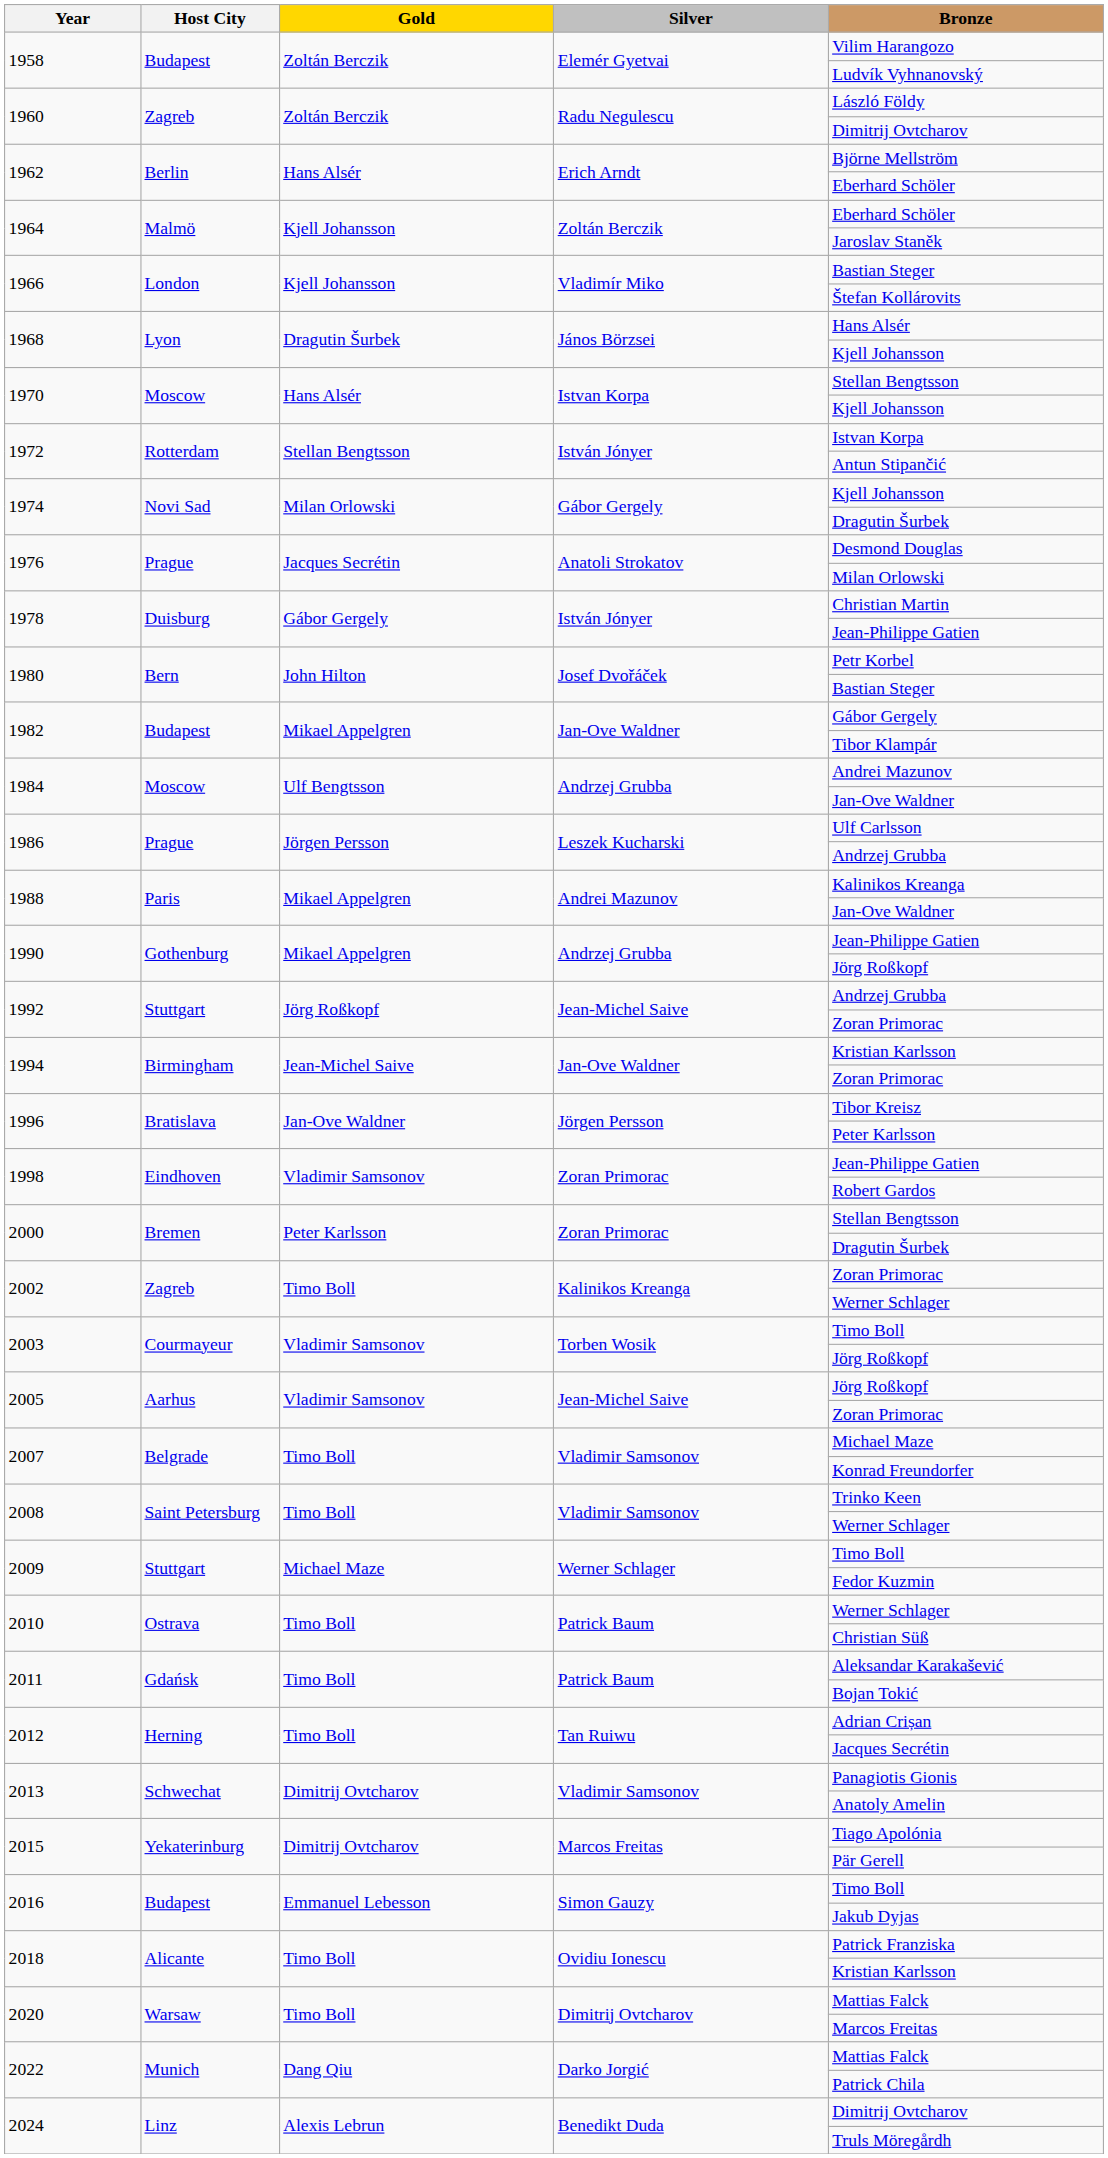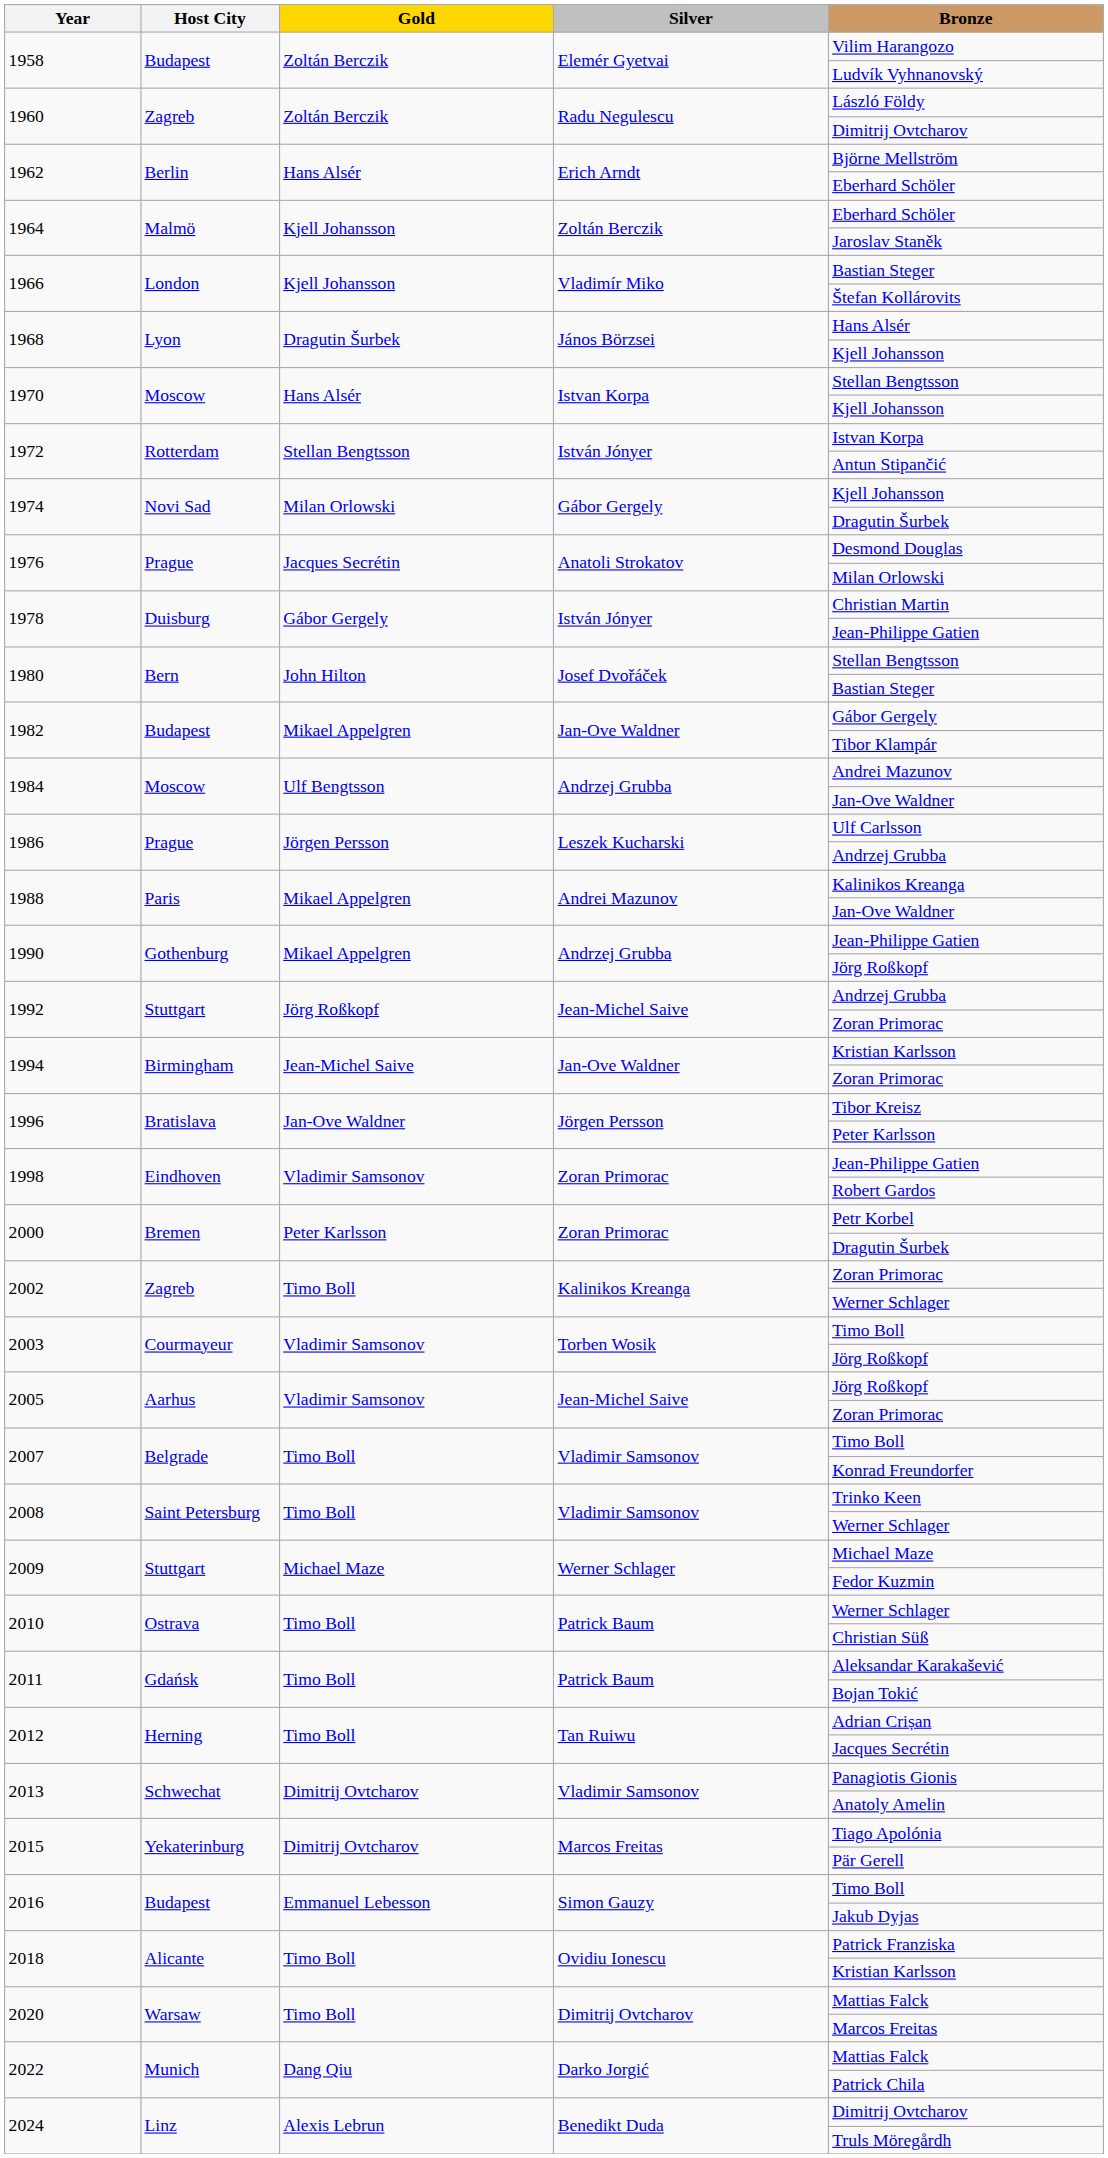 <table class="wikitable" style="text-align:left; width:1000px;">
 <tr>
 <th width="120">Year</th>
 <th width="120">Host City</th>
 <th width="250" style="background-color: gold">Gold</th>
 <th width="250" style="background-color: silver">Silver</th>
 <th width="250" style="background-color: #cc9966">Bronze</th>
 </tr>
 <tr>
 <td rowspan=2>1958</td>
 <td rowspan=2><a href='#'>Budapest</a></td>
 <td rowspan=2> <a href='#'>Zoltán Berczik</a></td>
 <td rowspan=2> <a href='#'>Elemér Gyetvai</a></td>
 <td> <a href='#'>Vilim Harangozo</a></td>
 </tr>
 <tr>
 <td> <a href='#'>Ludvík Vyhnanovský</a></td>
 </tr>
 <tr>
 <td rowspan=2>1960</td>
 <td rowspan=2><a href='#'>Zagreb</a></td>
 <td rowspan=2> <a href='#'>Zoltán Berczik</a></td>
 <td rowspan=2> <a href='#'>Radu Negulescu</a></td>
 <td> <a href='#'>László Földy</a></td>
 </tr>
 <tr>
 <td> <a href='#'>Dimitrij Ovtcharov</a></td>
 </tr>
 <tr>
 <td rowspan=2>1962</td>
 <td rowspan=2><a href='#'>Berlin</a></td>
 <td rowspan=2> <a href='#'>Hans Alsér</a></td>
 <td rowspan=2> <a href='#'>Erich Arndt</a></td>
 <td> <a href='#'>Björne Mellström</a></td>
 </tr>
 <tr>
 <td> <a href='#'>Eberhard Schöler</a></td>
 </tr>
 <tr>
 <td rowspan=2>1964</td>
 <td rowspan=2><a href='#'>Malmö</a></td>
 <td rowspan=2> <a href='#'>Kjell Johansson</a></td>
 <td rowspan=2> <a href='#'>Zoltán Berczik</a></td>
 <td> <a href='#'>Eberhard Schöler</a></td>
 </tr>
 <tr>
 <td> <a href='#'>Jaroslav Staněk</a></td>
 </tr>
 <tr>
 <td rowspan=2>1966</td>
 <td rowspan=2><a href='#'>London</a></td>
 <td rowspan=2> <a href='#'>Kjell Johansson</a></td>
 <td rowspan=2> <a href='#'>Vladimír Miko</a></td>
 <td> <a href='#'>Bastian Steger</a></td>
 </tr>
 <tr>
 <td> <a href='#'>Štefan Kollárovits</a></td>
 </tr>
 <tr>
 <td rowspan=2>1968</td>
 <td rowspan=2><a href='#'>Lyon</a></td>
 <td rowspan=2> <a href='#'>Dragutin Šurbek</a></td>
 <td rowspan=2> <a href='#'>János Börzsei</a></td>
 <td> <a href='#'>Hans Alsér</a></td>
 </tr>
 <tr>
 <td> <a href='#'>Kjell Johansson</a></td>
 </tr>
 <tr>
 <td rowspan=2>1970</td>
 <td rowspan=2><a href='#'>Moscow</a></td>
 <td rowspan=2> <a href='#'>Hans Alsér</a></td>
 <td rowspan=2> <a href='#'>Istvan Korpa</a></td>
 <td> <a href='#'>Stellan Bengtsson</a></td>
 </tr>
 <tr>
 <td> <a href='#'>Kjell Johansson</a></td>
 </tr>
 <tr>
 <td rowspan=2>1972</td>
 <td rowspan=2><a href='#'>Rotterdam</a></td>
 <td rowspan=2> <a href='#'>Stellan Bengtsson</a></td>
 <td rowspan=2> <a href='#'>István Jónyer</a></td>
 <td> <a href='#'>Istvan Korpa</a></td>
 </tr>
 <tr>
 <td> <a href='#'>Antun Stipančić</a></td>
 </tr>
 <tr>
 <td rowspan=2>1974</td>
 <td rowspan=2><a href='#'>Novi Sad</a></td>
 <td rowspan=2> <a href='#'>Milan Orlowski</a></td>
 <td rowspan=2> <a href='#'>Gábor Gergely</a></td>
 <td> <a href='#'>Kjell Johansson</a></td>
 </tr>
 <tr>
 <td> <a href='#'>Dragutin Šurbek</a></td>
 </tr>
 <tr>
 <td rowspan=2>1976</td>
 <td rowspan=2><a href='#'>Prague</a></td>
 <td rowspan=2> <a href='#'>Jacques Secrétin</a></td>
 <td rowspan=2> <a href='#'>Anatoli Strokatov</a></td>
 <td> <a href='#'>Desmond Douglas</a></td>
 </tr>
 <tr>
 <td> <a href='#'>Milan Orlowski</a></td>
 </tr>
 <tr>
 <td rowspan=2>1978</td>
 <td rowspan=2><a href='#'>Duisburg</a></td>
 <td rowspan=2> <a href='#'>Gábor Gergely</a></td>
 <td rowspan=2> <a href='#'>István Jónyer</a></td>
 <td> <a href='#'>Christian Martin</a></td>
 </tr>
 <tr>
 <td> <a href='#'>Jean-Philippe Gatien</a></td>
 </tr>
 <tr>
 <td rowspan=2>1980</td>
 <td rowspan=2><a href='#'>Bern</a></td>
 <td rowspan=2> <a href='#'>John Hilton</a></td>
 <td rowspan=2> <a href='#'>Josef Dvořáček</a></td>
-<td> <a href='#'>Petr Korbel</a></td>
+<td> <a href='#'>Stellan Bengtsson</a></td>
 </tr>
 <tr>
 <td> <a href='#'>Bastian Steger</a></td>
 </tr>
 <tr>
 <td rowspan=2>1982</td>
 <td rowspan=2><a href='#'>Budapest</a></td>
 <td rowspan=2> <a href='#'>Mikael Appelgren</a></td>
 <td rowspan=2> <a href='#'>Jan-Ove Waldner</a></td>
 <td> <a href='#'>Gábor Gergely</a></td>
 </tr>
 <tr>
 <td> <a href='#'>Tibor Klampár</a></td>
 </tr>
 <tr>
 <td rowspan=2>1984</td>
 <td rowspan=2><a href='#'>Moscow</a></td>
 <td rowspan=2> <a href='#'>Ulf Bengtsson</a></td>
 <td rowspan=2> <a href='#'>Andrzej Grubba</a></td>
 <td> <a href='#'>Andrei Mazunov</a></td>
 </tr>
 <tr>
 <td> <a href='#'>Jan-Ove Waldner</a></td>
 </tr>
 <tr>
 <td rowspan=2>1986</td>
 <td rowspan=2><a href='#'>Prague</a></td>
 <td rowspan=2> <a href='#'>Jörgen Persson</a></td>
 <td rowspan=2> <a href='#'>Leszek Kucharski</a></td>
 <td> <a href='#'>Ulf Carlsson</a></td>
 </tr>
 <tr>
 <td> <a href='#'>Andrzej Grubba</a></td>
 </tr>
 <tr>
 <td rowspan=2>1988</td>
 <td rowspan=2><a href='#'>Paris</a></td>
 <td rowspan=2> <a href='#'>Mikael Appelgren</a></td>
 <td rowspan=2> <a href='#'>Andrei Mazunov</a></td>
 <td> <a href='#'>Kalinikos Kreanga</a></td>
 </tr>
 <tr>
 <td> <a href='#'>Jan-Ove Waldner</a></td>
 </tr>
 <tr>
 <td rowspan=2>1990</td>
 <td rowspan=2><a href='#'>Gothenburg</a></td>
 <td rowspan=2> <a href='#'>Mikael Appelgren</a></td>
 <td rowspan=2> <a href='#'>Andrzej Grubba</a></td>
 <td> <a href='#'>Jean-Philippe Gatien</a></td>
 </tr>
 <tr>
 <td> <a href='#'>Jörg Roßkopf</a></td>
 </tr>
 <tr>
 <td rowspan=2>1992</td>
 <td rowspan=2><a href='#'>Stuttgart</a></td>
 <td rowspan=2> <a href='#'>Jörg Roßkopf</a></td>
 <td rowspan=2> <a href='#'>Jean-Michel Saive</a></td>
 <td> <a href='#'>Andrzej Grubba</a></td>
 </tr>
 <tr>
 <td> <a href='#'>Zoran Primorac</a></td>
 </tr>
 <tr>
 <td rowspan=2>1994</td>
 <td rowspan=2><a href='#'>Birmingham</a></td>
 <td rowspan=2> <a href='#'>Jean-Michel Saive</a></td>
 <td rowspan=2> <a href='#'>Jan-Ove Waldner</a></td>
 <td> <a href='#'>Kristian Karlsson</a></td>
 </tr>
 <tr>
 <td> <a href='#'>Zoran Primorac</a></td>
 </tr>
 <tr>
 <td rowspan=2>1996</td>
 <td rowspan=2><a href='#'>Bratislava</a></td>
 <td rowspan=2> <a href='#'>Jan-Ove Waldner</a></td>
 <td rowspan=2> <a href='#'>Jörgen Persson</a></td>
 <td> <a href='#'>Tibor Kreisz</a></td>
 </tr>
 <tr>
 <td> <a href='#'>Peter Karlsson</a></td>
 </tr>
 <tr>
 <td rowspan=2>1998</td>
 <td rowspan=2><a href='#'>Eindhoven</a></td>
 <td rowspan=2> <a href='#'>Vladimir Samsonov</a></td>
 <td rowspan=2> <a href='#'>Zoran Primorac</a></td>
 <td> <a href='#'>Jean-Philippe Gatien</a></td>
 </tr>
 <tr>
 <td> <a href='#'>Robert Gardos</a></td>
 </tr>
 <tr>
 <td rowspan=2>2000</td>
 <td rowspan=2><a href='#'>Bremen</a></td>
 <td rowspan=2> <a href='#'>Peter Karlsson</a></td>
 <td rowspan=2> <a href='#'>Zoran Primorac</a></td>
-<td> <a href='#'>Stellan Bengtsson</a></td>
+<td> <a href='#'>Petr Korbel</a></td>
 </tr>
 <tr>
 <td> <a href='#'>Dragutin Šurbek</a></td>
 </tr>
 <tr>
 <td rowspan=2>2002</td>
 <td rowspan=2><a href='#'>Zagreb</a></td>
 <td rowspan=2> <a href='#'>Timo Boll</a></td>
 <td rowspan=2> <a href='#'>Kalinikos Kreanga</a></td>
 <td> <a href='#'>Zoran Primorac</a></td>
 </tr>
 <tr>
 <td> <a href='#'>Werner Schlager</a></td>
 </tr>
 <tr>
 <td rowspan=2>2003</td>
 <td rowspan=2><a href='#'>Courmayeur</a></td>
 <td rowspan=2> <a href='#'>Vladimir Samsonov</a></td>
 <td rowspan=2> <a href='#'>Torben Wosik</a></td>
 <td> <a href='#'>Timo Boll</a></td>
 </tr>
 <tr>
 <td> <a href='#'>Jörg Roßkopf</a></td>
 </tr>
 <tr>
 <td rowspan=2>2005</td>
 <td rowspan=2><a href='#'>Aarhus</a></td>
 <td rowspan=2> <a href='#'>Vladimir Samsonov</a></td>
 <td rowspan=2> <a href='#'>Jean-Michel Saive</a></td>
 <td> <a href='#'>Jörg Roßkopf</a></td>
 </tr>
 <tr>
 <td> <a href='#'>Zoran Primorac</a></td>
 </tr>
 <tr>
 <td rowspan=2>2007</td>
 <td rowspan=2><a href='#'>Belgrade</a></td>
 <td rowspan=2> <a href='#'>Timo Boll</a></td>
 <td rowspan=2> <a href='#'>Vladimir Samsonov</a></td>
-<td> <a href='#'>Michael Maze</a></td>
+<td> <a href='#'>Timo Boll</a></td>
 </tr>
 <tr>
 <td> <a href='#'>Konrad Freundorfer</a></td>
 </tr>
 <tr>
 <td rowspan=2>2008</td>
 <td rowspan=2><a href='#'>Saint Petersburg</a></td>
 <td rowspan=2> <a href='#'>Timo Boll</a></td>
 <td rowspan=2> <a href='#'>Vladimir Samsonov</a></td>
 <td> <a href='#'>Trinko Keen</a></td>
 </tr>
 <tr>
 <td> <a href='#'>Werner Schlager</a></td>
 </tr>
 <tr>
 <td rowspan=2>2009</td>
 <td rowspan=2><a href='#'>Stuttgart</a></td>
 <td rowspan=2> <a href='#'>Michael Maze</a></td>
 <td rowspan=2> <a href='#'>Werner Schlager</a></td>
-<td> <a href='#'>Timo Boll</a></td>
+<td> <a href='#'>Michael Maze</a></td>
 </tr>
 <tr>
 <td> <a href='#'>Fedor Kuzmin</a></td>
 </tr>
 <tr>
 <td rowspan=2>2010</td>
 <td rowspan=2><a href='#'>Ostrava</a></td>
 <td rowspan=2> <a href='#'>Timo Boll</a></td>
 <td rowspan=2> <a href='#'>Patrick Baum</a></td>
 <td> <a href='#'>Werner Schlager</a></td>
 </tr>
 <tr>
 <td> <a href='#'>Christian Süß</a></td>
 </tr>
 <tr>
 <td rowspan=2>2011</td>
 <td rowspan=2><a href='#'>Gdańsk</a></td>
 <td rowspan=2> <a href='#'>Timo Boll</a></td>
 <td rowspan=2> <a href='#'>Patrick Baum</a></td>
 <td> <a href='#'>Aleksandar Karakašević</a></td>
 </tr>
 <tr>
 <td> <a href='#'>Bojan Tokić</a></td>
 </tr>
 <tr>
 <td rowspan=2>2012</td>
 <td rowspan=2><a href='#'>Herning</a></td>
 <td rowspan=2> <a href='#'>Timo Boll</a></td>
 <td rowspan=2> <a href='#'>Tan Ruiwu</a></td>
 <td> <a href='#'>Adrian Crișan</a></td>
 </tr>
 <tr>
 <td> <a href='#'>Jacques Secrétin</a></td>
 </tr>
 <tr>
 <td rowspan=2>2013</td>
 <td rowspan=2><a href='#'>Schwechat</a></td>
 <td rowspan=2> <a href='#'>Dimitrij Ovtcharov</a></td>
 <td rowspan=2> <a href='#'>Vladimir Samsonov</a></td>
 <td> <a href='#'>Panagiotis Gionis</a></td>
 </tr>
 <tr>
 <td> <a href='#'>Anatoly Amelin</a></td>
 </tr>
 <tr>
 <td rowspan=2>2015</td>
 <td rowspan=2><a href='#'>Yekaterinburg</a></td>
 <td rowspan=2> <a href='#'>Dimitrij Ovtcharov</a></td>
 <td rowspan=2> <a href='#'>Marcos Freitas</a></td>
 <td> <a href='#'>Tiago Apolónia</a></td>
 </tr>
 <tr>
 <td> <a href='#'>Pär Gerell</a></td>
 </tr>
 <tr>
 <td rowspan=2>2016</td>
 <td rowspan=2><a href='#'>Budapest</a></td>
 <td rowspan=2> <a href='#'>Emmanuel Lebesson</a></td>
 <td rowspan=2> <a href='#'>Simon Gauzy</a></td>
 <td> <a href='#'>Timo Boll</a></td>
 </tr>
 <tr>
 <td> <a href='#'>Jakub Dyjas</a></td>
 </tr>
 <tr>
 <td rowspan=2>2018</td>
 <td rowspan=2><a href='#'>Alicante</a></td>
 <td rowspan=2> <a href='#'>Timo Boll</a></td>
 <td rowspan=2> <a href='#'>Ovidiu Ionescu</a></td>
 <td> <a href='#'>Patrick Franziska</a></td>
 </tr>
 <tr>
 <td> <a href='#'>Kristian Karlsson</a></td>
 </tr>
 <tr>
 <td rowspan=2>2020</td>
 <td rowspan=2><a href='#'>Warsaw</a></td>
 <td rowspan=2> <a href='#'>Timo Boll</a></td>
 <td rowspan=2> <a href='#'>Dimitrij Ovtcharov</a></td>
 <td> <a href='#'>Mattias Falck</a></td>
 </tr>
 <tr>
 <td> <a href='#'>Marcos Freitas</a></td>
 </tr>
 <tr>
 <td rowspan=2>2022</td>
 <td rowspan=2><a href='#'>Munich</a></td>
 <td rowspan=2> <a href='#'>Dang Qiu</a></td>
 <td rowspan=2> <a href='#'>Darko Jorgić</a></td>
 <td> <a href='#'>Mattias Falck</a></td>
 </tr>
 <tr>
 <td> <a href='#'>Patrick Chila</a></td>
 </tr>
 <tr>
 <td rowspan=2>2024</td>
 <td rowspan=2><a href='#'>Linz</a></td>
 <td rowspan=2> <a href='#'>Alexis Lebrun</a></td>
 <td rowspan=2> <a href='#'>Benedikt Duda</a></td>
 <td> <a href='#'>Dimitrij Ovtcharov</a></td>
 </tr>
 <tr>
 <td> <a href='#'>Truls Möregårdh</a></td>
 </tr>
 </table>
